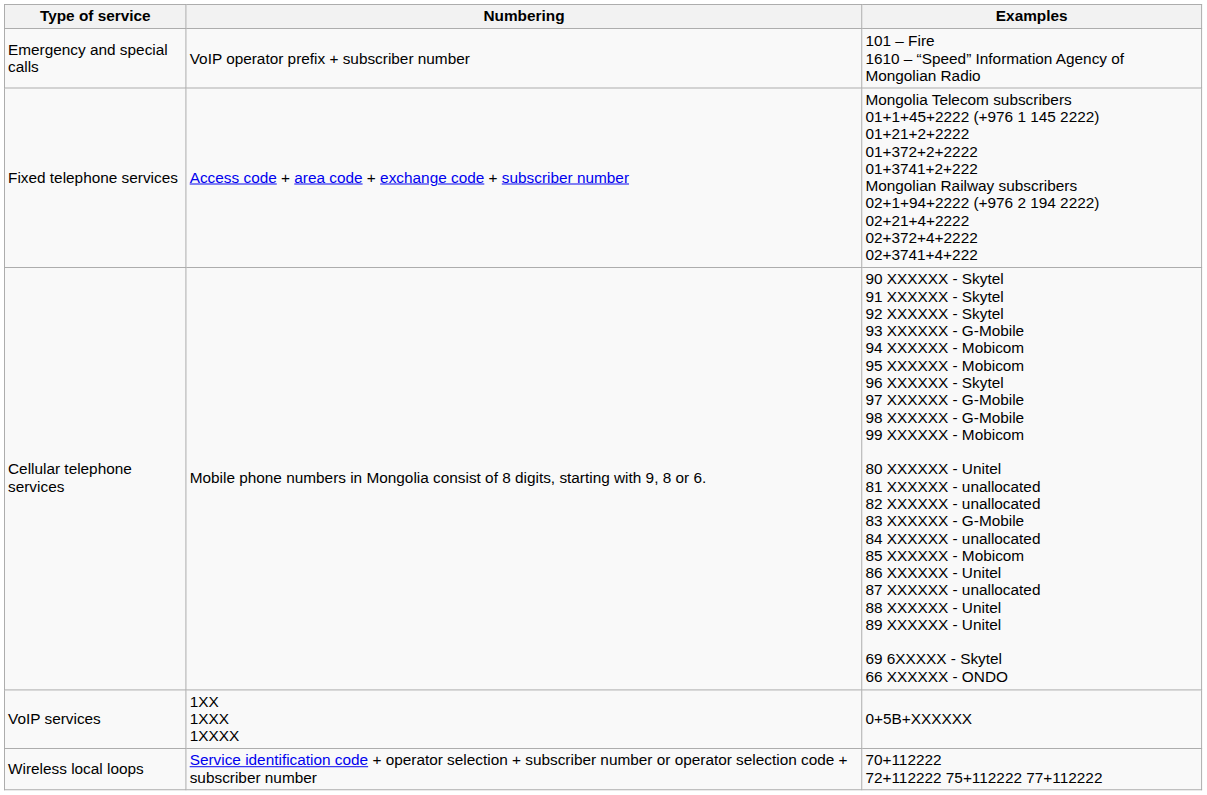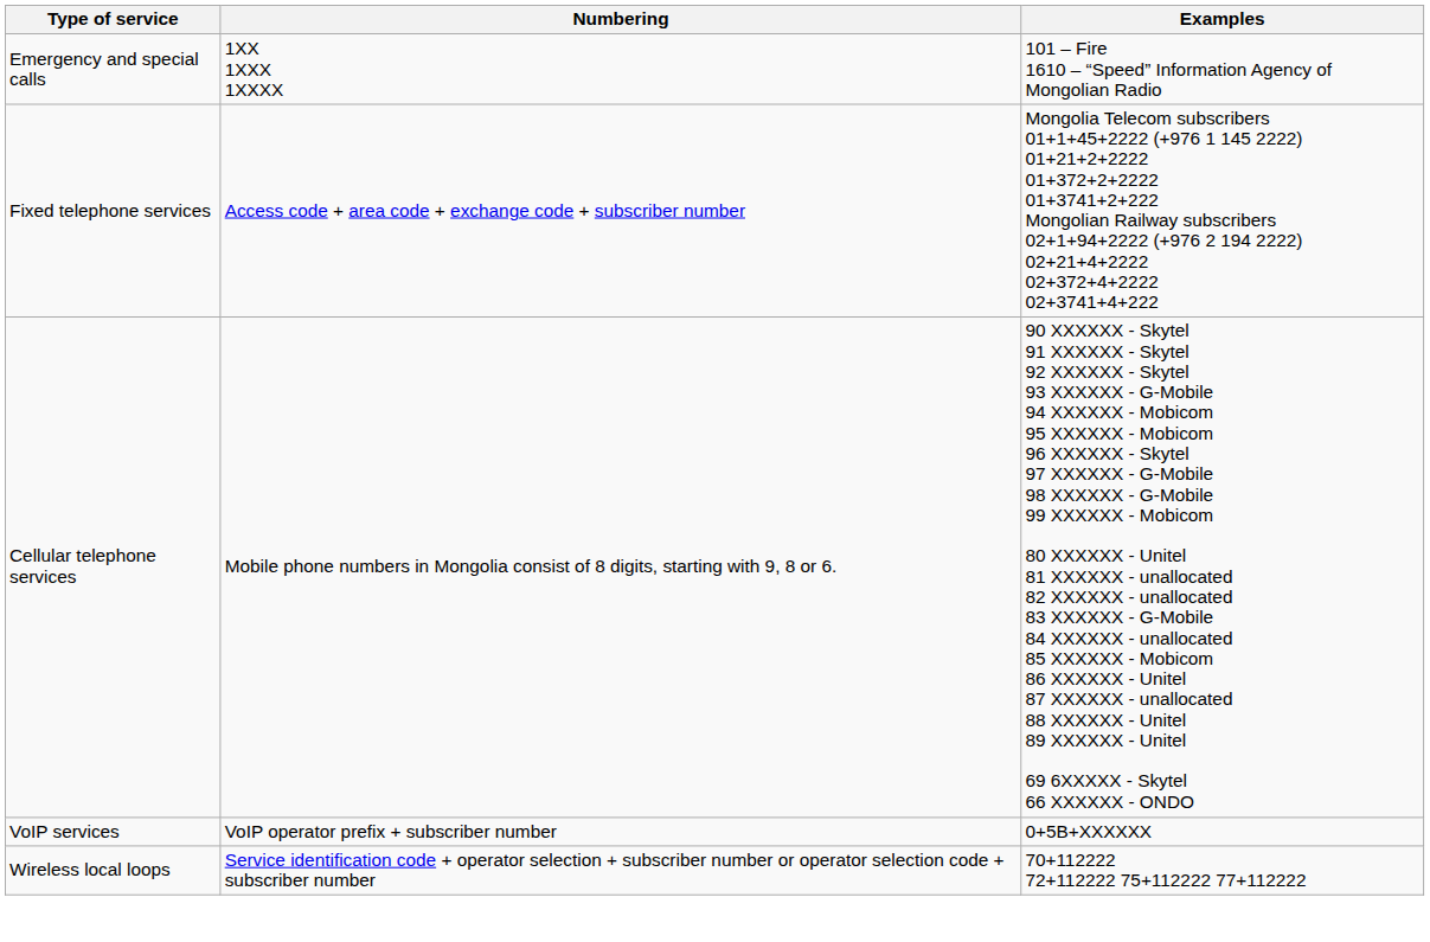 <table class="wikitable" border=1>
 <tr>
 <th>Type of service</th>
 <th>Numbering</th>
 <th>Examples</th>
 </tr>
 <tr>
 <td>Emergency and special calls</td>
-<td>VoIP operator prefix + subscriber number</td>
+<td>1XX<br>1XXX<br>1XXXX</td>
 <td>101 – Fire<br>1610 – “Speed” Information Agency of Mongolian Radio</td>
 </tr>
 <tr>
 <td>Fixed telephone services</td>
 <td><a href='#'>Access code</a> + <a href='#'>area code</a> + <a href='#'>exchange code</a> + <a href='#'>subscriber number</a><br></td>
 <td>Mongolia Telecom subscribers<br>01+1+45+2222 (+976 1 145 2222)<br>01+21+2+2222<br>01+372+2+2222<br>01+3741+2+222<br>Mongolian Railway subscribers<br>02+1+94+2222 (+976 2 194 2222)<br>02+21+4+2222<br>02+372+4+2222<br>02+3741+4+222</td>
 </tr>
 <tr>
 <td>Cellular telephone services</td>
 <td>Mobile phone numbers in Mongolia consist of 8 digits, starting with 9, 8 or 6.</td>
 <td>90 XXXXXX - Skytel<br>91 XXXXXX - Skytel<br>92 XXXXXX - Skytel<br>93 XXXXXX - G-Mobile<br>94 XXXXXX - Mobicom<br>95 XXXXXX - Mobicom<br>96 XXXXXX - Skytel<br>97 XXXXXX - G-Mobile<br>98 XXXXXX - G-Mobile<br>99 XXXXXX - Mobicom<br><br>80 XXXXXX - Unitel<br>81 XXXXXX - unallocated<br>82 XXXXXX - unallocated<br>83 XXXXXX - G-Mobile<br>84 XXXXXX - unallocated<br>85 XXXXXX - Mobicom<br>86 XXXXXX - Unitel<br>87 XXXXXX - unallocated<br>88 XXXXXX - Unitel<br>89 XXXXXX - Unitel<br><br>69 6XXXXX - Skytel<br>66 XXXXXX - ONDO<br></td>
 </tr>
 <tr>
 <td>VoIP services</td>
-<td>1XX<br>1XXX<br>1XXXX</td>
+<td>VoIP operator prefix + subscriber number</td>
 <td>0+5B+XXXXXX</td>
 </tr>
 <tr>
 <td>Wireless local loops</td>
 <td><a href='#'>Service identification code</a>  + operator selection + subscriber number or operator selection code + subscriber number</td>
 <td>70+112222<br>72+112222 75+112222 77+112222</td>
 </tr>
 </table>
